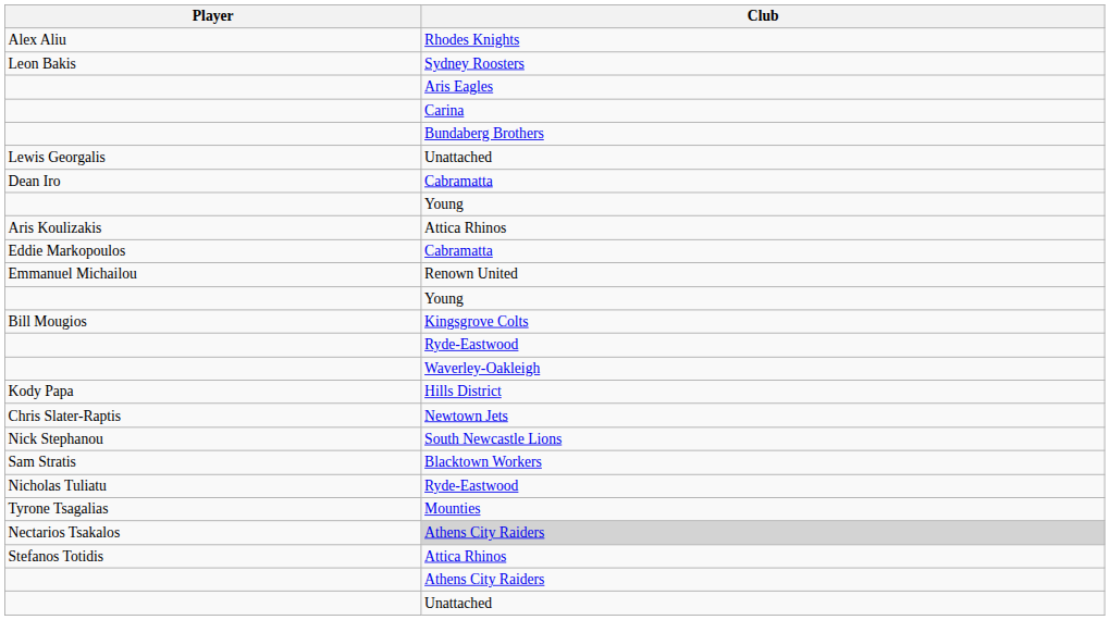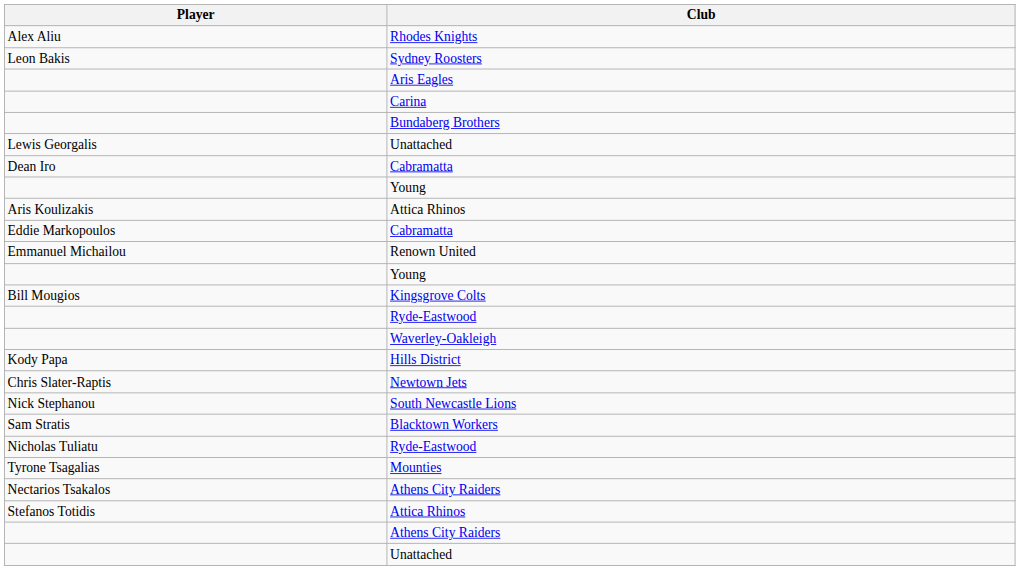 <table class="wikitable sortable" style="width:60%;text-align:left">
 <tr>
 <th width=28%>Player</th>
 <th width=46%>Club</th>
 </tr>
 <tr>
 <td>Alex Aliu</td>
 <td> <a href='#'>Rhodes Knights</a></td>
 </tr>
 <tr>
 <td>Leon Bakis</td>
 <td> <a href='#'>Sydney Roosters</a></td>
 </tr>
 <tr>
 <td></td>
 <td> <a href='#'>Aris Eagles</a></td>
 </tr>
 <tr>
 <td></td>
 <td> <a href='#'>Carina</a></td>
 </tr>
 <tr>
 <td></td>
 <td> <a href='#'>Bundaberg Brothers</a></td>
 </tr>
 <tr>
 <td>Lewis Georgalis</td>
 <td>Unattached</td>
 </tr>
 <tr>
 <td>Dean Iro</td>
 <td> <a href='#'>Cabramatta</a></td>
 </tr>
 <tr>
 <td></td>
 <td> Young</td>
 </tr>
 <tr>
 <td>Aris Koulizakis</td>
 <td> Attica Rhinos</td>
 </tr>
 <tr>
 <td>Eddie Markopoulos</td>
 <td> <a href='#'>Cabramatta</a></td>
 </tr>
 <tr>
 <td>Emmanuel Michailou</td>
 <td> Renown United</td>
 </tr>
 <tr>
 <td></td>
 <td> Young</td>
 </tr>
 <tr>
 <td>Bill Mougios</td>
 <td> <a href='#'>Kingsgrove Colts</a></td>
 </tr>
 <tr>
 <td></td>
 <td> <a href='#'>Ryde-Eastwood</a></td>
 </tr>
 <tr>
 <td></td>
 <td> <a href='#'>Waverley-Oakleigh</a></td>
 </tr>
 <tr>
 <td>Kody Papa</td>
 <td> <a href='#'>Hills District</a></td>
 </tr>
 <tr>
 <td>Chris Slater-Raptis</td>
 <td> <a href='#'>Newtown Jets</a></td>
 </tr>
 <tr>
 <td>Nick Stephanou</td>
 <td> <a href='#'>South Newcastle Lions</a></td>
 </tr>
 <tr>
 <td>Sam Stratis</td>
 <td> <a href='#'>Blacktown Workers</a></td>
 </tr>
 <tr>
 <td>Nicholas Tuliatu</td>
 <td> <a href='#'>Ryde-Eastwood</a></td>
 </tr>
 <tr>
 <td>Tyrone Tsagalias</td>
 <td> <a href='#'>Mounties</a></td>
 </tr>
 <tr>
 <td>Nectarios Tsakalos</td>
-<td style="background: lightgrey;"> <a href='#'>Athens City Raiders</a></td>
+<td> <a href='#'>Athens City Raiders</a></td>
 </tr>
 <tr>
 <td>Stefanos Totidis</td>
 <td> <a href='#'>Attica Rhinos</a></td>
 </tr>
 <tr>
 <td></td>
 <td> <a href='#'>Athens City Raiders</a></td>
 </tr>
 <tr>
 <td></td>
 <td>Unattached</td>
 </tr>
 </table>
